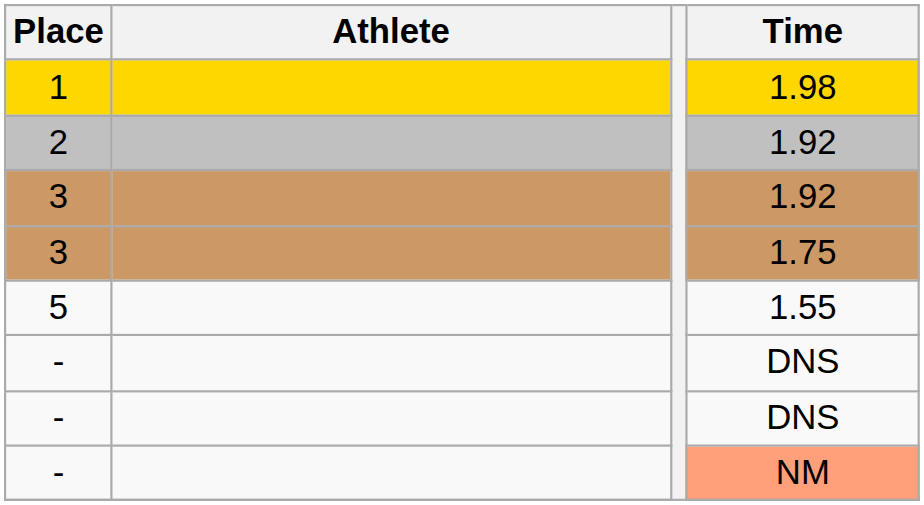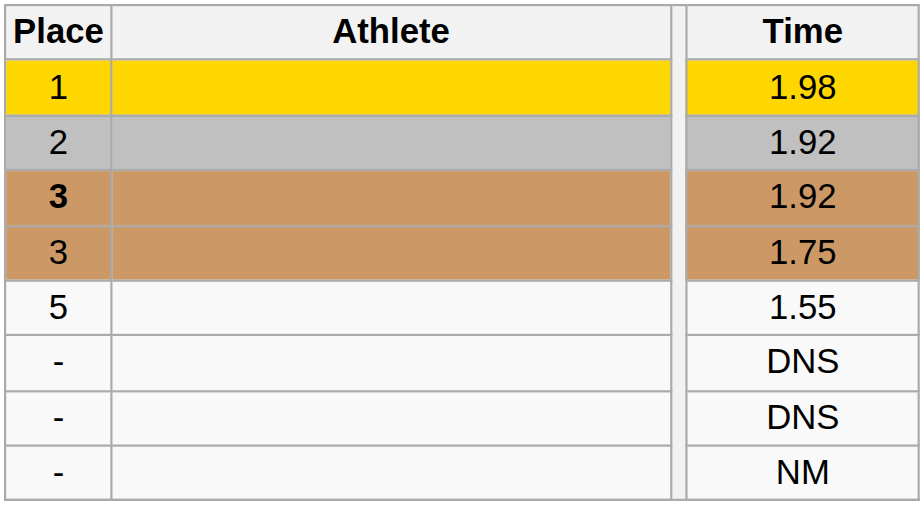 <table class="wikitable" style="text-align:center">
 <tr>
 <th>Place</th>
 <th width=250>Athlete</th>
 <th rowspan=27></th>
 <th width=100>Time</th>
 </tr>
 <tr bgcolor=gold>
 <td>1</td>
 <td align=left></td>
 <td>1.98</td>
 </tr>
 <tr bgcolor=silver>
 <td>2</td>
 <td align=left></td>
 <td>1.92</td>
 </tr>
 <tr bgcolor=cc9966>
-<td>3</td>
+<td><strong>3</strong></td>
 <td align=left></td>
 <td>1.92</td>
 </tr>
 <tr bgcolor=cc9966>
 <td>3</td>
 <td align=left></td>
 <td>1.75</td>
 </tr>
 <tr>
 <td>5</td>
 <td align=left></td>
 <td>1.55</td>
 </tr>
 <tr>
 <td>-</td>
 <td align=left></td>
 <td>DNS</td>
 </tr>
 <tr>
 <td>-</td>
 <td align=left></td>
 <td>DNS</td>
 </tr>
 <tr>
 <td>-</td>
 <td align=left></td>
-<td style="background: lightsalmon;">NM</td>
+<td>NM</td>
 </tr>
 <tr>
 </tr>
 </table>
